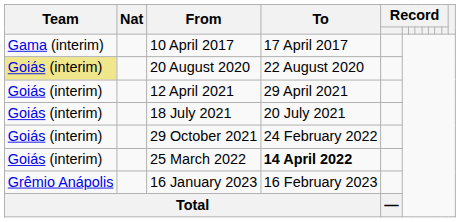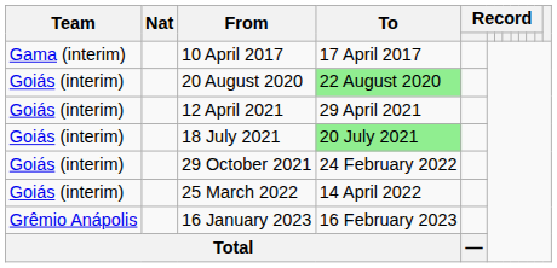 <table class="wikitable" style="text-align: center">
 <tr>
 <th rowspan="2">Team</th>
 <th rowspan="2">Nat</th>
 <th rowspan="2">From</th>
 <th rowspan="2">To</th>
 <th colspan="8">Record</th>
 <th rowspan=2></th>
 </tr>
 <tr>
 <th></th>
 <th></th>
 <th></th>
 <th></th>
 <th></th>
 <th></th>
 <th></th>
 <th></th>
 </tr>
 <tr>
 <td align=left><a href='#'>Gama</a> (interim)</td>
 <td></td>
 <td align=left>10 April 2017</td>
 <td align=left>17 April 2017<br></td>
 <td></td>
 </tr>
 <tr>
-<td align=left style="background: khaki;"><a href='#'>Goiás</a> (interim)</td>
+<td align=left><a href='#'>Goiás</a> (interim)</td>
 <td></td>
 <td align=left>20 August 2020</td>
-<td align=left>22 August 2020<br></td>
+<td align=left style="background: lightgreen;">22 August 2020<br></td>
 <td></td>
 </tr>
 <tr>
 <td align=left><a href='#'>Goiás</a> (interim)</td>
 <td></td>
 <td align=left>12 April 2021</td>
 <td align=left>29 April 2021<br></td>
 <td></td>
 </tr>
 <tr>
 <td align=left><a href='#'>Goiás</a> (interim)</td>
 <td></td>
 <td align=left>18 July 2021</td>
-<td align=left>20 July 2021<br></td>
+<td align=left style="background: lightgreen;">20 July 2021<br></td>
 <td></td>
 </tr>
 <tr>
 <td align=left><a href='#'>Goiás</a> (interim)</td>
 <td></td>
 <td align=left>29 October 2021</td>
 <td align=left>24 February 2022<br></td>
 <td></td>
 </tr>
 <tr>
 <td align=left><a href='#'>Goiás</a> (interim)</td>
 <td></td>
 <td align=left>25 March 2022</td>
-<td align=left><strong>14 April 2022<br></strong></td>
+<td align=left>14 April 2022<br></td>
 <td></td>
 </tr>
 <tr>
 <td align=left><a href='#'>Grêmio Anápolis</a></td>
 <td></td>
 <td align=left>16 January 2023</td>
 <td align=left>16 February 2023<br></td>
 <td></td>
 </tr>
 <tr>
 <th colspan="4">Total<br></th>
 <th>—</th>
 </tr>
 </table>
